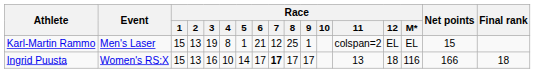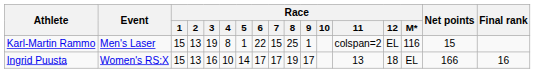 <table class="wikitable" style="font-size:90%">
 <tr>
 <th rowspan="2">Athlete</th>
 <th rowspan="2">Event</th>
 <th colspan=13>Race</th>
 <th rowspan=2>Net points</th>
 <th rowspan=2>Final rank</th>
 </tr>
 <tr style="font-size:95%">
 <th>1</th>
 <th>2</th>
 <th>3</th>
 <th>4</th>
 <th>5</th>
 <th>6</th>
 <th>7</th>
 <th>8</th>
 <th>9</th>
 <th>10</th>
 <th>11</th>
 <th>12</th>
 <th>M*</th>
 </tr>
 <tr align=center>
 <td align=left><a href='#'>Karl-Martin Rammo</a></td>
 <td align=left><a href='#'>Men's Laser</a></td>
 <td>15</td>
 <td>13</td>
 <td>19</td>
 <td>8</td>
 <td>1</td>
-<td>21</td>
-<td>12</td>
+<td>22</td>
+<td>15</td>
 <td>25</td>
 <td>1</td>
 <td></td>
 <td>colspan=2 </td>
 <td>EL</td>
-<td>EL</td>
+<td>116</td>
 <td>15</td>
 </tr>
 <tr align=center>
 <td align=left><a href='#'>Ingrid Puusta</a></td>
 <td align=left><a href='#'>Women's RS:X</a></td>
 <td>15</td>
 <td>13</td>
 <td>16</td>
 <td>10</td>
 <td>14</td>
 <td>17</td>
-<td><strong>17</strong></td>
 <td>17</td>
+<td>19</td>
 <td>17</td>
 <td></td>
 <td>13</td>
 <td>18</td>
-<td>116</td>
+<td>EL</td>
 <td>166</td>
-<td>18</td>
+<td>16</td>
 </tr>
 </table>
